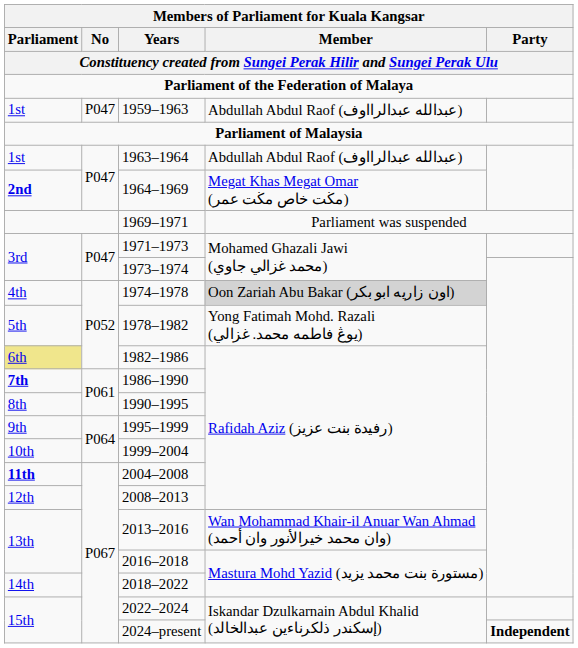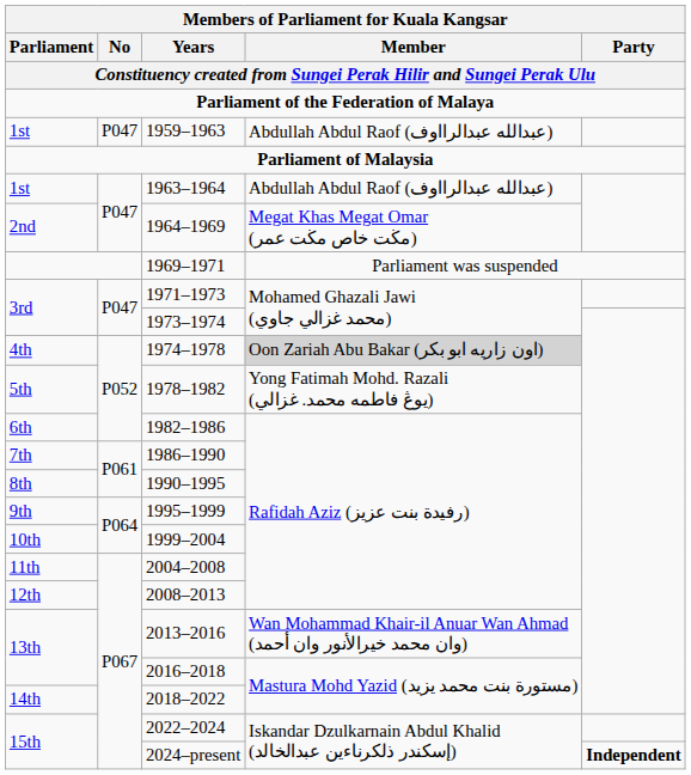 <table class=wikitable>
 <tr>
 <th colspan="5">Members of Parliament for Kuala Kangsar</th>
 </tr>
 <tr>
 <th>Parliament</th>
 <th>No</th>
 <th>Years</th>
 <th>Member</th>
 <th>Party</th>
 </tr>
 <tr>
 <th colspan="5" align="center"><em>Constituency created from <a href='#'>Sungei Perak Hilir</a> and  <a href='#'>Sungei Perak Ulu</a></em></th>
 </tr>
 <tr>
 <td colspan="5" align="center"><strong>Parliament of the Federation of Malaya</strong></td>
 </tr>
 <tr>
 <td><a href='#'>1st</a></td>
 <td>P047</td>
 <td>1959–1963</td>
 <td>Abdullah Abdul Raof (عبدالله عبدالرااوف)</td>
 <td></td>
 </tr>
 <tr>
 <td colspan="5" align="center"><strong>Parliament of Malaysia</strong></td>
 </tr>
 <tr>
 <td><a href='#'>1st</a></td>
 <td rowspan="2">P047</td>
 <td>1963–1964</td>
 <td>Abdullah Abdul Raof (عبدالله عبدالرااوف)</td>
 <td rowspan=2></td>
 </tr>
 <tr>
-<td><strong><a href='#'>2nd</a></strong></td>
+<td><a href='#'>2nd</a></td>
 <td>1964–1969</td>
 <td><a href='#'>Megat Khas Megat Omar</a>  <br>(مڬت خاص مڬت عمر)</td>
 </tr>
 <tr>
 <td colspan="2"></td>
 <td>1969–1971</td>
 <td colspan=2 align=center>Parliament was suspended</td>
 </tr>
 <tr>
 <td rowspan=2><a href='#'>3rd</a></td>
 <td rowspan="2">P047</td>
 <td>1971–1973</td>
 <td rowspan=2>Mohamed Ghazali Jawi <br> (محمد غزالي جاوي)</td>
 <td></td>
 </tr>
 <tr>
 <td>1973–1974</td>
 <td rowspan=13></td>
 </tr>
 <tr>
 <td><a href='#'>4th</a></td>
 <td rowspan="3">P052</td>
 <td>1974–1978</td>
 <td style="background: lightgrey;">Oon Zariah Abu Bakar (اون زاريه ابو بكر)</td>
 </tr>
 <tr>
 <td><a href='#'>5th</a></td>
 <td>1978–1982</td>
 <td>Yong Fatimah Mohd. Razali  <br>(يوڠ فاطمه محمد. غزالي)</td>
 </tr>
 <tr>
-<td style="background: khaki;"><a href='#'>6th</a></td>
+<td><a href='#'>6th</a></td>
 <td>1982–1986</td>
 <td rowspan=7><a href='#'>Rafidah Aziz</a> (رفيدة بنت عزيز)</td>
 </tr>
 <tr>
-<td><strong><a href='#'>7th</a></strong></td>
+<td><a href='#'>7th</a></td>
 <td rowspan="2">P061</td>
 <td>1986–1990</td>
 </tr>
 <tr>
 <td><a href='#'>8th</a></td>
 <td>1990–1995</td>
 </tr>
 <tr>
 <td><a href='#'>9th</a></td>
 <td rowspan="2">P064</td>
 <td>1995–1999</td>
 </tr>
 <tr>
 <td><a href='#'>10th</a></td>
 <td>1999–2004</td>
 </tr>
 <tr>
-<td><strong><a href='#'>11th</a></strong></td>
+<td><a href='#'>11th</a></td>
 <td rowspan="7">P067</td>
 <td>2004–2008</td>
 </tr>
 <tr>
 <td><a href='#'>12th</a></td>
 <td>2008–2013</td>
 </tr>
 <tr>
 <td rowspan=2><a href='#'>13th</a></td>
 <td>2013–2016</td>
 <td><a href='#'>Wan Mohammad Khair-il Anuar Wan Ahmad</a> <br> (وان محمد خيرالأنور وان أحمد)</td>
 </tr>
 <tr>
 <td>2016–2018</td>
 <td rowspan=2><a href='#'>Mastura Mohd Yazid</a> (مستورة بنت محمد يزيد)</td>
 </tr>
 <tr>
 <td><a href='#'>14th</a></td>
 <td>2018–2022</td>
 </tr>
 <tr>
 <td rowspan="2"><a href='#'>15th</a></td>
 <td>2022–2024</td>
 <td rowspan="2">Iskandar Dzulkarnain Abdul Khalid  <br>(إسكندر ذلكرناءين عبدالخالد)</td>
 <td></td>
 </tr>
 <tr>
 <td>2024–present</td>
 <td><strong>Independent</strong></td>
 </tr>
 </table>
